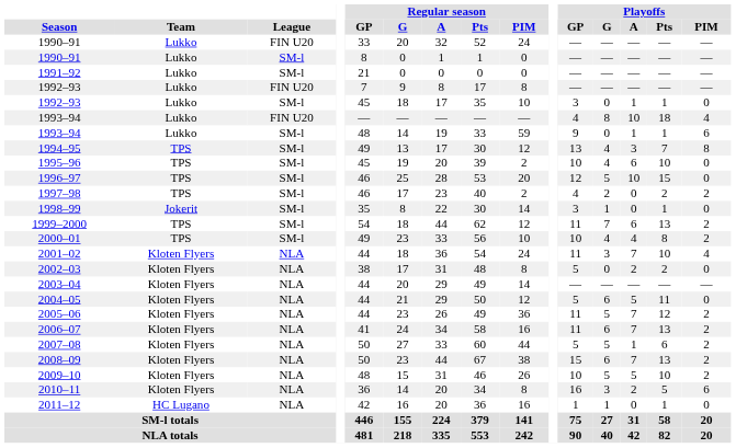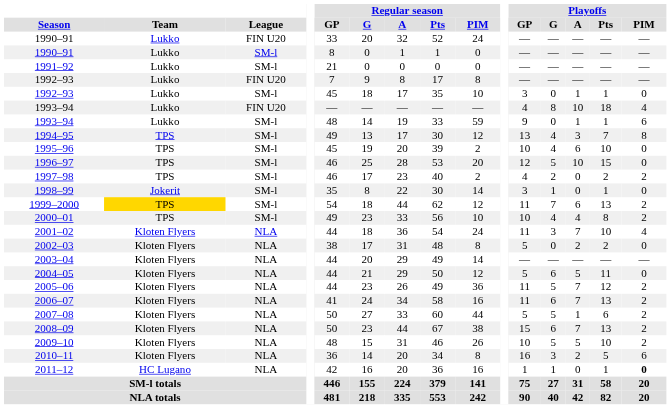 <table border="0" cellpadding="1" cellspacing="0" style="text-align:center; width:60em">
 <tr bgcolor="#e0e0e0">
 <th colspan="3" bgcolor="#ffffff"> </th>
 <th rowspan="99" bgcolor="#ffffff"> </th>
 <th colspan="5"><a href='#'>Regular season</a></th>
 <th rowspan="99" bgcolor="#ffffff"> </th>
 <th colspan="5"><a href='#'>Playoffs</a></th>
 </tr>
 <tr bgcolor="#e0e0e0">
 <th><a href='#'>Season</a></th>
 <th>Team</th>
 <th>League</th>
 <th>GP</th>
 <th><a href='#'>G</a></th>
 <th><a href='#'>A</a></th>
 <th><a href='#'>Pts</a></th>
 <th><a href='#'>PIM</a></th>
 <th>GP</th>
 <th>G</th>
 <th>A</th>
 <th>Pts</th>
 <th>PIM</th>
 </tr>
 <tr>
 <td>1990–91</td>
 <td><a href='#'>Lukko</a></td>
 <td>FIN U20</td>
 <td>33</td>
 <td>20</td>
 <td>32</td>
 <td>52</td>
 <td>24</td>
 <td>—</td>
 <td>—</td>
 <td>—</td>
 <td>—</td>
 <td>—</td>
 </tr>
 <tr bgcolor="#f0f0f0">
 <td><a href='#'>1990–91</a></td>
 <td>Lukko</td>
 <td><a href='#'>SM-l</a></td>
 <td>8</td>
 <td>0</td>
 <td>1</td>
 <td>1</td>
 <td>0</td>
 <td>—</td>
 <td>—</td>
 <td>—</td>
 <td>—</td>
 <td>—</td>
 </tr>
 <tr>
 <td><a href='#'>1991–92</a></td>
 <td>Lukko</td>
 <td>SM-l</td>
 <td>21</td>
 <td>0</td>
 <td>0</td>
 <td>0</td>
 <td>0</td>
 <td>—</td>
 <td>—</td>
 <td>—</td>
 <td>—</td>
 <td>—</td>
 </tr>
 <tr bgcolor="#f0f0f0">
 <td>1992–93</td>
 <td>Lukko</td>
 <td>FIN U20</td>
 <td>7</td>
 <td>9</td>
 <td>8</td>
 <td>17</td>
 <td>8</td>
 <td>—</td>
 <td>—</td>
 <td>—</td>
 <td>—</td>
 <td>—</td>
 </tr>
 <tr>
 <td><a href='#'>1992–93</a></td>
 <td>Lukko</td>
 <td>SM-l</td>
 <td>45</td>
 <td>18</td>
 <td>17</td>
 <td>35</td>
 <td>10</td>
 <td>3</td>
 <td>0</td>
 <td>1</td>
 <td>1</td>
 <td>0</td>
 </tr>
 <tr bgcolor="#f0f0f0">
 <td>1993–94</td>
 <td>Lukko</td>
 <td>FIN U20</td>
 <td>—</td>
 <td>—</td>
 <td>—</td>
 <td>—</td>
 <td>—</td>
 <td>4</td>
 <td>8</td>
 <td>10</td>
 <td>18</td>
 <td>4</td>
 </tr>
 <tr>
 <td><a href='#'>1993–94</a></td>
 <td>Lukko</td>
 <td>SM-l</td>
 <td>48</td>
 <td>14</td>
 <td>19</td>
 <td>33</td>
 <td>59</td>
 <td>9</td>
 <td>0</td>
 <td>1</td>
 <td>1</td>
 <td>6</td>
 </tr>
 <tr bgcolor="#f0f0f0">
 <td><a href='#'>1994–95</a></td>
 <td><a href='#'>TPS</a></td>
 <td>SM-l</td>
 <td>49</td>
 <td>13</td>
 <td>17</td>
 <td>30</td>
 <td>12</td>
 <td>13</td>
 <td>4</td>
 <td>3</td>
 <td>7</td>
 <td>8</td>
 </tr>
 <tr>
 <td><a href='#'>1995–96</a></td>
 <td>TPS</td>
 <td>SM-l</td>
 <td>45</td>
 <td>19</td>
 <td>20</td>
 <td>39</td>
 <td>2</td>
 <td>10</td>
 <td>4</td>
 <td>6</td>
 <td>10</td>
 <td>0</td>
 </tr>
 <tr bgcolor="#f0f0f0">
 <td><a href='#'>1996–97</a></td>
 <td>TPS</td>
 <td>SM-l</td>
 <td>46</td>
 <td>25</td>
 <td>28</td>
 <td>53</td>
 <td>20</td>
 <td>12</td>
 <td>5</td>
 <td>10</td>
 <td>15</td>
 <td>0</td>
 </tr>
 <tr>
 <td><a href='#'>1997–98</a></td>
 <td>TPS</td>
 <td>SM-l</td>
 <td>46</td>
 <td>17</td>
 <td>23</td>
 <td>40</td>
 <td>2</td>
 <td>4</td>
 <td>2</td>
 <td>0</td>
 <td>2</td>
 <td>2</td>
 </tr>
 <tr bgcolor="#f0f0f0">
 <td><a href='#'>1998–99</a></td>
 <td><a href='#'>Jokerit</a></td>
 <td>SM-l</td>
 <td>35</td>
 <td>8</td>
 <td>22</td>
 <td>30</td>
 <td>14</td>
 <td>3</td>
 <td>1</td>
 <td>0</td>
 <td>1</td>
 <td>0</td>
 </tr>
 <tr>
 <td><a href='#'>1999–2000</a></td>
-<td>TPS</td>
+<td style="background: gold;">TPS</td>
 <td>SM-l</td>
 <td>54</td>
 <td>18</td>
 <td>44</td>
 <td>62</td>
 <td>12</td>
 <td>11</td>
 <td>7</td>
 <td>6</td>
 <td>13</td>
 <td>2</td>
 </tr>
 <tr bgcolor="#f0f0f0">
 <td><a href='#'>2000–01</a></td>
 <td>TPS</td>
 <td>SM-l</td>
 <td>49</td>
 <td>23</td>
 <td>33</td>
 <td>56</td>
 <td>10</td>
 <td>10</td>
 <td>4</td>
 <td>4</td>
 <td>8</td>
 <td>2</td>
 </tr>
 <tr>
 <td><a href='#'>2001–02</a></td>
 <td><a href='#'>Kloten Flyers</a></td>
 <td><a href='#'>NLA</a></td>
 <td>44</td>
 <td>18</td>
 <td>36</td>
 <td>54</td>
 <td>24</td>
 <td>11</td>
 <td>3</td>
 <td>7</td>
 <td>10</td>
 <td>4</td>
 </tr>
 <tr bgcolor="#f0f0f0">
 <td><a href='#'>2002–03</a></td>
 <td>Kloten Flyers</td>
 <td>NLA</td>
 <td>38</td>
 <td>17</td>
 <td>31</td>
 <td>48</td>
 <td>8</td>
 <td>5</td>
 <td>0</td>
 <td>2</td>
 <td>2</td>
 <td>0</td>
 </tr>
 <tr>
 <td><a href='#'>2003–04</a></td>
 <td>Kloten Flyers</td>
 <td>NLA</td>
 <td>44</td>
 <td>20</td>
 <td>29</td>
 <td>49</td>
 <td>14</td>
 <td>—</td>
 <td>—</td>
 <td>—</td>
 <td>—</td>
 <td>—</td>
 </tr>
 <tr bgcolor="#f0f0f0">
 <td><a href='#'>2004–05</a></td>
 <td>Kloten Flyers</td>
 <td>NLA</td>
 <td>44</td>
 <td>21</td>
 <td>29</td>
 <td>50</td>
 <td>12</td>
 <td>5</td>
 <td>6</td>
 <td>5</td>
 <td>11</td>
 <td>0</td>
 </tr>
 <tr>
 <td><a href='#'>2005–06</a></td>
 <td>Kloten Flyers</td>
 <td>NLA</td>
 <td>44</td>
 <td>23</td>
 <td>26</td>
 <td>49</td>
 <td>36</td>
 <td>11</td>
 <td>5</td>
 <td>7</td>
 <td>12</td>
 <td>2</td>
 </tr>
 <tr bgcolor="#f0f0f0">
 <td><a href='#'>2006–07</a></td>
 <td>Kloten Flyers</td>
 <td>NLA</td>
 <td>41</td>
 <td>24</td>
 <td>34</td>
 <td>58</td>
 <td>16</td>
 <td>11</td>
 <td>6</td>
 <td>7</td>
 <td>13</td>
 <td>2</td>
 </tr>
 <tr>
 <td><a href='#'>2007–08</a></td>
 <td>Kloten Flyers</td>
 <td>NLA</td>
 <td>50</td>
 <td>27</td>
 <td>33</td>
 <td>60</td>
 <td>44</td>
 <td>5</td>
 <td>5</td>
 <td>1</td>
 <td>6</td>
 <td>2</td>
 </tr>
 <tr bgcolor="#f0f0f0">
 <td><a href='#'>2008–09</a></td>
 <td>Kloten Flyers</td>
 <td>NLA</td>
 <td>50</td>
 <td>23</td>
 <td>44</td>
 <td>67</td>
 <td>38</td>
 <td>15</td>
 <td>6</td>
 <td>7</td>
 <td>13</td>
 <td>2</td>
 </tr>
 <tr>
 <td><a href='#'>2009–10</a></td>
 <td>Kloten Flyers</td>
 <td>NLA</td>
 <td>48</td>
 <td>15</td>
 <td>31</td>
 <td>46</td>
 <td>26</td>
 <td>10</td>
 <td>5</td>
 <td>5</td>
 <td>10</td>
 <td>2</td>
 </tr>
 <tr bgcolor="#f0f0f0">
 <td><a href='#'>2010–11</a></td>
 <td>Kloten Flyers</td>
 <td>NLA</td>
 <td>36</td>
 <td>14</td>
 <td>20</td>
 <td>34</td>
 <td>8</td>
 <td>16</td>
 <td>3</td>
 <td>2</td>
 <td>5</td>
 <td>6</td>
 </tr>
 <tr>
 <td><a href='#'>2011–12</a></td>
 <td><a href='#'>HC Lugano</a></td>
 <td>NLA</td>
 <td>42</td>
 <td>16</td>
 <td>20</td>
 <td>36</td>
 <td>16</td>
 <td>1</td>
 <td>1</td>
 <td>0</td>
 <td>1</td>
-<td>0</td>
+<td><strong>0</strong></td>
 </tr>
 <tr bgcolor="#e0e0e0">
 <th colspan="3">SM-l totals</th>
 <th>446</th>
 <th>155</th>
 <th>224</th>
 <th>379</th>
 <th>141</th>
 <th>75</th>
 <th>27</th>
 <th>31</th>
 <th>58</th>
 <th>20</th>
 </tr>
 <tr bgcolor="#e0e0e0">
 <th colspan="3">NLA totals</th>
 <th>481</th>
 <th>218</th>
 <th>335</th>
 <th>553</th>
 <th>242</th>
 <th>90</th>
 <th>40</th>
 <th>42</th>
 <th>82</th>
 <th>20</th>
 </tr>
 </table>
